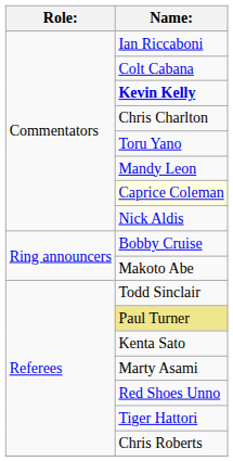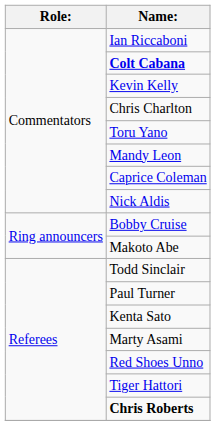 <table class=wikitable style="font-size:90%; margin: 0.5em 0 0.5em 1em; float: right; clear: right;">
 <tr>
 <th>Role:</th>
 <th>Name:</th>
 </tr>
 <tr>
 <td rowspan=8>Commentators</td>
 <td><a href='#'>Ian Riccaboni</a> </td>
 </tr>
 <tr>
-<td><a href='#'>Colt Cabana</a> </td>
+<td><strong><a href='#'>Colt Cabana</a> </strong></td>
 </tr>
 <tr>
-<td><strong><a href='#'>Kevin Kelly</a> </strong></td>
+<td><a href='#'>Kevin Kelly</a> </td>
 </tr>
 <tr>
 <td>Chris Charlton </td>
 </tr>
 <tr>
 <td><a href='#'>Toru Yano</a> </td>
 </tr>
 <tr>
 <td><a href='#'>Mandy Leon</a> </td>
 </tr>
 <tr>
-<td style="background: lightyellow;"><a href='#'>Caprice Coleman</a> </td>
+<td><a href='#'>Caprice Coleman</a> </td>
 </tr>
 <tr>
 <td><a href='#'>Nick Aldis</a> </td>
 </tr>
 <tr>
 <td rowspan=2><a href='#'>Ring announcers</a></td>
 <td><a href='#'>Bobby Cruise</a> </td>
 </tr>
 <tr>
 <td>Makoto Abe </td>
 </tr>
 <tr>
 <td rowspan=7><a href='#'>Referees</a></td>
 <td>Todd Sinclair </td>
 </tr>
 <tr>
-<td style="background: khaki;">Paul Turner </td>
+<td>Paul Turner </td>
 </tr>
 <tr>
 <td>Kenta Sato </td>
 </tr>
 <tr>
 <td>Marty Asami </td>
 </tr>
 <tr>
 <td><a href='#'>Red Shoes Unno</a> </td>
 </tr>
 <tr>
 <td><a href='#'>Tiger Hattori</a> </td>
 </tr>
 <tr>
-<td>Chris Roberts </td>
+<td><strong>Chris Roberts </strong></td>
 </tr>
 <tr>
 </tr>
 </table>
